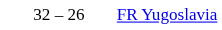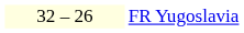 <table style="text-align:center">
 <tr>
 <th width=200></th>
 <th width=100></th>
 <th width=200></th>
 </tr>
 <tr>
 <td align=right><strong></strong></td>
-<td>32 – 26</td>
+<td style="background: lightyellow;">32 – 26</td>
 <td align=left> <a href='#'>FR Yugoslavia</a></td>
 </tr>
 </table>
